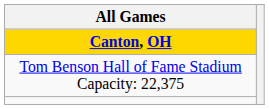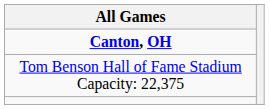 <table class="wikitable" style="text-align:center;">
 <tr>
 <th width=250px>All Games</th>
 <th rowspan=4></th>
 </tr>
 <tr>
-<td style="background: gold;"><strong><a href='#'>Canton</a>, <a href='#'>OH</a></strong></td>
+<td><strong><a href='#'>Canton</a>, <a href='#'>OH</a></strong></td>
 </tr>
 <tr>
 <td><a href='#'>Tom Benson Hall of Fame Stadium</a><br>Capacity: 22,375</td>
 </tr>
 <tr>
 <td></td>
 </tr>
 </table>
